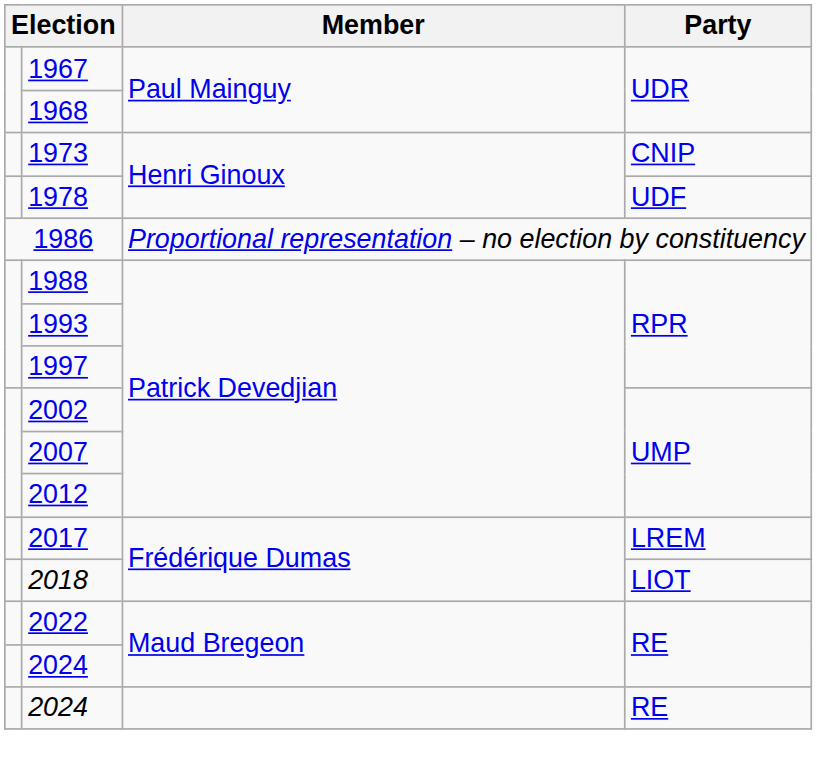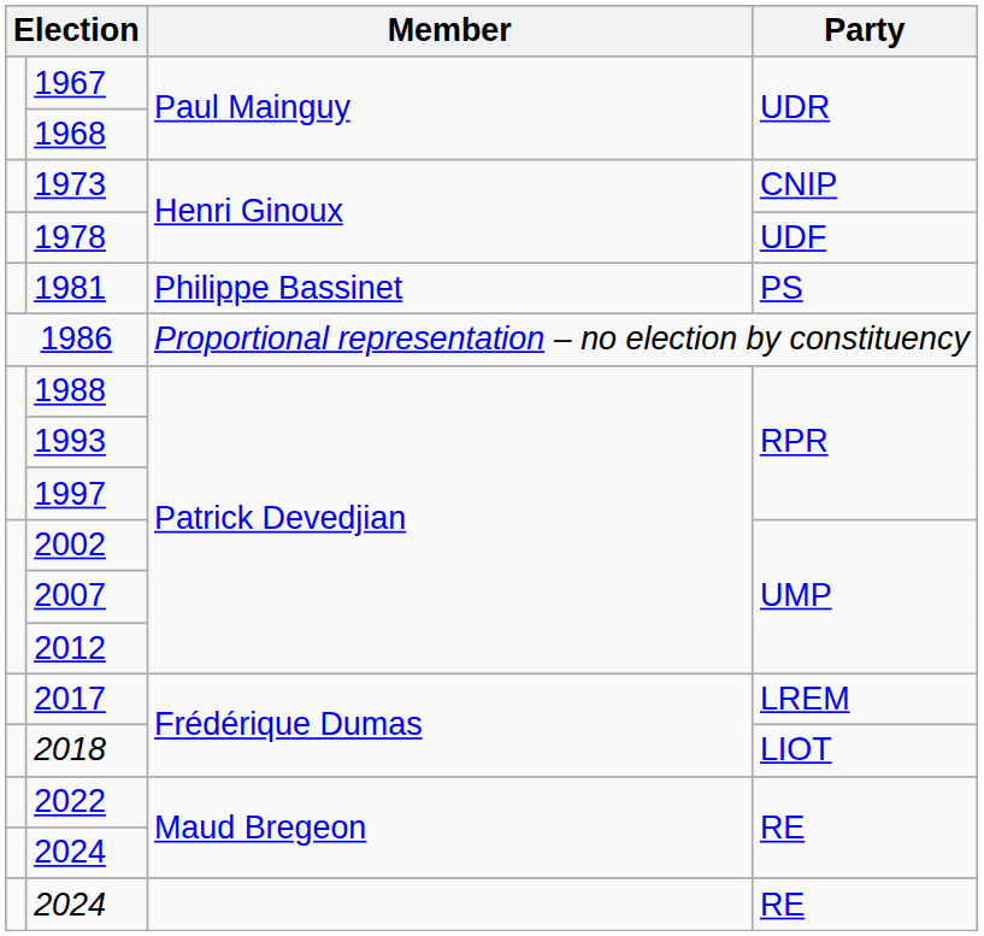 <table class="wikitable">
 <tr>
 <th colspan="2">Election</th>
 <th>Member</th>
 <th>Party</th>
 </tr>
 <tr>
 <td rowspan="2" style="color:inherit;background-color: "></td>
 <td><a href='#'>1967</a></td>
 <td rowspan="2"><a href='#'>Paul Mainguy</a></td>
 <td rowspan="2"><a href='#'>UDR</a></td>
 </tr>
 <tr>
 <td><a href='#'>1968</a></td>
 </tr>
 <tr>
 <td style="color:inherit;background-color: "></td>
 <td><a href='#'>1973</a></td>
 <td rowspan="2"><a href='#'>Henri Ginoux</a></td>
 <td><a href='#'>CNIP</a></td>
 </tr>
 <tr>
 <td style="color:inherit;background-color: "></td>
 <td><a href='#'>1978</a></td>
 <td><a href='#'>UDF</a></td>
+</tr>
+<tr>
+<td style="color:inherit;background-color: "></td>
+<td><a href='#'>1981</a></td>
+<td><a href='#'>Philippe Bassinet</a></td>
+<td><a href='#'>PS</a></td>
 </tr>
 <tr>
 <td colspan="2" align="center"><a href='#'>1986</a></td>
 <td colspan="2"><em><a href='#'>Proportional representation</a> – no election by constituency</em></td>
 </tr>
 <tr>
 <td rowspan="3" style="color:inherit;background-color: "></td>
 <td><a href='#'>1988</a></td>
 <td rowspan="6"><a href='#'>Patrick Devedjian</a></td>
 <td rowspan="3"><a href='#'>RPR</a></td>
 </tr>
 <tr>
 <td><a href='#'>1993</a></td>
 </tr>
 <tr>
 <td><a href='#'>1997</a></td>
 </tr>
 <tr>
 <td rowspan="3" style="color:inherit;background-color: "></td>
 <td><a href='#'>2002</a></td>
 <td rowspan="3"><a href='#'>UMP</a></td>
 </tr>
 <tr>
 <td><a href='#'>2007</a></td>
 </tr>
 <tr>
 <td><a href='#'>2012</a></td>
 </tr>
 <tr>
 <td style="color:inherit;background-color: "></td>
 <td><a href='#'>2017</a></td>
 <td rowspan="2"><a href='#'>Frédérique Dumas</a></td>
 <td><a href='#'>LREM</a></td>
 </tr>
 <tr>
 <td style="color:inherit;background-color: "></td>
 <td><em>2018</em></td>
 <td><a href='#'>LIOT</a></td>
 </tr>
 <tr>
 <td style="color:inherit;background-color: "></td>
 <td><a href='#'>2022</a></td>
 <td rowspan="2"><a href='#'>Maud Bregeon</a></td>
 <td rowspan="2"><a href='#'>RE</a></td>
 </tr>
 <tr>
 <td style="color:inherit;background-color: "></td>
 <td><a href='#'>2024</a></td>
 </tr>
 <tr>
 <td style="color:inherit;background-color: "></td>
 <td><em>2024</em></td>
 <td></td>
 <td><a href='#'>RE</a></td>
 </tr>
 </table>
